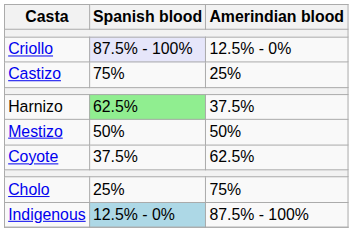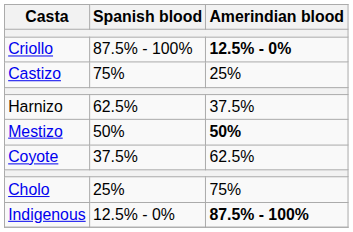 <table class="wikitable" style="float: center;">
 <tr>
 <th>Casta</th>
 <th>Spanish blood</th>
 <th>Amerindian blood</th>
 </tr>
 <tr>
 <th colspan="8"></th>
 </tr>
 <tr>
 <td><a href='#'>Criollo</a></td>
-<td style="background: lavender;">87.5% - 100%</td>
-<td>12.5% - 0%</td>
+<td>87.5% - 100%</td>
+<td><strong>12.5% - 0%</strong></td>
 </tr>
 <tr>
 <td><a href='#'>Castizo</a></td>
 <td>75%</td>
 <td>25%</td>
 </tr>
 <tr>
 <th colspan="8"></th>
 </tr>
 <tr>
 <td>Harnizo</td>
-<td style="background: lightgreen;">62.5%</td>
+<td>62.5%</td>
 <td>37.5%</td>
 </tr>
 <tr>
 <td><a href='#'>Mestizo</a></td>
 <td>50%</td>
-<td>50%</td>
+<td><strong>50%</strong></td>
 </tr>
 <tr>
 <td><a href='#'>Coyote</a></td>
 <td>37.5%</td>
 <td>62.5%</td>
 </tr>
 <tr>
 <th colspan="8"></th>
 </tr>
 <tr>
 <td><a href='#'>Cholo</a></td>
 <td>25%</td>
 <td>75%</td>
 </tr>
 <tr>
 <td><a href='#'>Indigenous</a></td>
-<td style="background: lightblue;">12.5% - 0%</td>
-<td>87.5% - 100%</td>
+<td>12.5% - 0%</td>
+<td><strong>87.5% - 100%</strong></td>
 </tr>
 <tr>
 </tr>
 </table>
